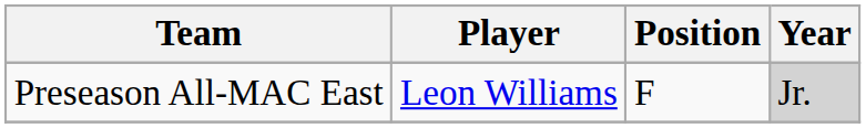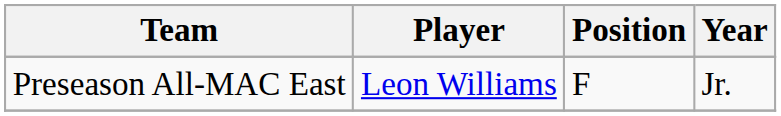 <table class="wikitable" border="1">
 <tr align=center>
 <th style= >Team</th>
 <th style= >Player</th>
 <th style= >Position</th>
 <th style= >Year</th>
 </tr>
 <tr align="center">
 </tr>
 <tr>
 <td>Preseason All-MAC East</td>
 <td><a href='#'>Leon Williams</a></td>
 <td>F</td>
-<td style="background: lightgrey;">Jr.</td>
+<td>Jr.</td>
 </tr>
 <tr>
 </tr>
 <tr>
 </tr>
 </table>
